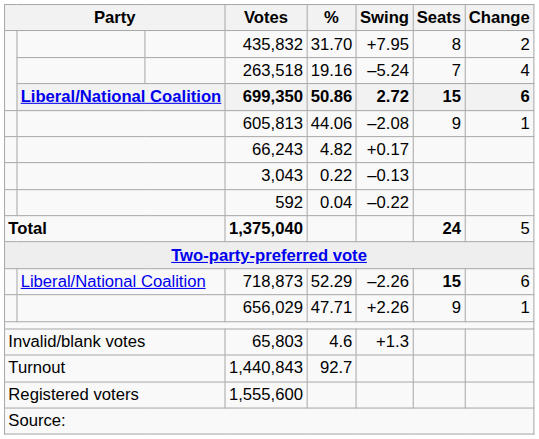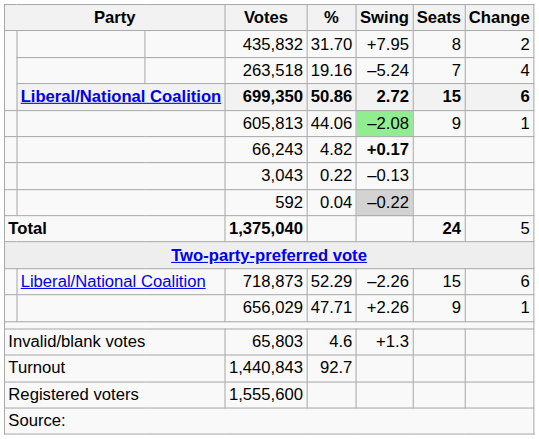 <table class="wikitable">
 <tr>
 <th colspan="3" style="width:200px"><strong>Party</strong></th>
 <th style="width:70px; text-align:center;"><strong>Votes</strong></th>
 <th style="width:40px; text-align:center;"><strong>%</strong></th>
 <th style="width:40px; text-align:center;"><strong>Swing</strong></th>
 <th style="width:40px; text-align:center;"><strong>Seats</strong></th>
 <th style="width:40px; text-align:center;"><strong>Change</strong></th>
 </tr>
 <tr>
 <td rowspan="3"> </td>
 <td> </td>
 <td></td>
 <td align=right>435,832</td>
 <td align=right>31.70</td>
 <td align=right>+7.95</td>
 <td align=right>8</td>
 <td align=right> 2</td>
 </tr>
 <tr>
 <td> </td>
 <td></td>
 <td align=right>263,518</td>
 <td align=right>19.16</td>
 <td align=right>–5.24</td>
 <td align=right>7</td>
 <td align=right> 4</td>
 </tr>
 <tr>
 <th colspan="2" style="text-align:left;"><a href='#'>Liberal/National Coalition</a></th>
 <th style="text-align:right;">699,350</th>
 <th style="text-align:right;">50.86</th>
 <th style="text-align:right;">2.72</th>
 <th style="text-align:right;">15</th>
 <th style="text-align:right;"> 6</th>
 </tr>
 <tr>
 <td> </td>
 <td colspan=2></td>
 <td align=right>605,813</td>
 <td align=right>44.06</td>
-<td align=right>–2.08</td>
+<td align=right style="background: lightgreen;">–2.08</td>
 <td align=right>9</td>
 <td align=right> 1</td>
 </tr>
 <tr>
 <td> </td>
 <td colspan=2></td>
 <td align=right>66,243</td>
 <td align=right>4.82</td>
-<td align=right>+0.17</td>
+<td align=right><strong>+0.17</strong></td>
 <td align=right></td>
 <td align=right></td>
 </tr>
 <tr>
 <td> </td>
 <td colspan=2></td>
 <td align=right>3,043</td>
 <td align=right>0.22</td>
 <td align=right>–0.13</td>
 <td align=right></td>
 <td align=right></td>
 </tr>
 <tr>
 <td> </td>
 <td colspan=2></td>
 <td align=right>592</td>
 <td align=right>0.04</td>
-<td align=right>–0.22</td>
+<td align=right style="background: lightgrey;">–0.22</td>
 <td align=right></td>
 <td align=right></td>
 </tr>
 <tr>
 <td colspan="3" align="left"><strong>Total</strong></td>
 <td align=right><strong>1,375,040</strong></td>
 <td align=right></td>
 <td align=right></td>
 <td align=right><strong>24</strong></td>
 <td align=right> 5</td>
 </tr>
 <tr>
 <td colspan="8" style="text-align:center; background:#eee;"><strong><a href='#'>Two-party-preferred vote</a></strong></td>
 </tr>
 <tr>
 <td> </td>
 <td colspan=2><a href='#'>Liberal/National Coalition</a></td>
 <td align=right>718,873</td>
 <td align=right>52.29</td>
 <td align=right>–2.26</td>
-<td align=right><strong>15</strong></td>
+<td align=right>15</td>
 <td align=right> 6</td>
 </tr>
 <tr>
 <td> </td>
 <td colspan=2></td>
 <td align=right>656,029</td>
 <td align=right>47.71</td>
 <td align=right>+2.26</td>
 <td align=right>9</td>
 <td align=right> 1</td>
 </tr>
 <tr>
 <td colspan="8"></td>
 </tr>
 <tr>
 <td colspan="3" style="text-align:left;">Invalid/blank votes</td>
 <td align="right">65,803</td>
 <td align="right">4.6</td>
 <td align="right">+1.3</td>
 <td></td>
 <td></td>
 </tr>
 <tr>
 <td colspan="3" style="text-align:left;">Turnout</td>
 <td align="right">1,440,843</td>
 <td align="right">92.7</td>
 <td align="right"></td>
 <td></td>
 <td></td>
 </tr>
 <tr>
 <td colspan="3" style="text-align:left;">Registered voters</td>
 <td align="right">1,555,600</td>
 <td></td>
 <td></td>
 <td></td>
 <td></td>
 </tr>
 <tr>
 <td colspan="8" align="left">Source: </td>
 </tr>
 </table>
